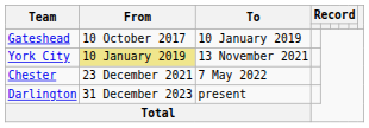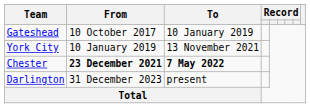 <table class="wikitable" style="text-align:center">
 <tr>
 <th rowspan="2">Team</th>
 <th rowspan="2">From</th>
 <th rowspan="2">To</th>
 <th colspan="5">Record</th>
 <th rowspan="2"></th>
 </tr>
 <tr>
 <th></th>
 <th></th>
 <th></th>
 <th></th>
 <th></th>
 </tr>
 <tr>
 <td align="left"><a href='#'>Gateshead</a></td>
 <td align="left">10 October 2017</td>
 <td align="left">10 January 2019<br></td>
 <td></td>
 </tr>
 <tr>
 <td align="left"><a href='#'>York City</a></td>
-<td align="left" style="background: khaki;">10 January 2019</td>
+<td align="left">10 January 2019</td>
 <td align="left">13 November 2021<br></td>
 <td></td>
 </tr>
 <tr>
 <td align="left"><a href='#'>Chester</a></td>
-<td align="left">23 December 2021</td>
-<td align="left">7 May 2022<br></td>
+<td align="left"><strong>23 December 2021</strong></td>
+<td align="left"><strong>7 May 2022<br></strong></td>
 <td></td>
 </tr>
 <tr>
 <td align="left"><a href='#'>Darlington</a></td>
 <td align="left">31 December 2023</td>
 <td align="left">present<br></td>
 <td></td>
 </tr>
 <tr>
 <th colspan="3">Total<br></th>
 </tr>
 </table>
